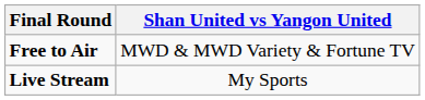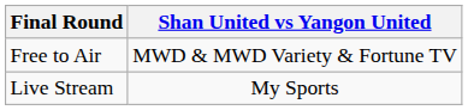 <table class="wikitable">
 <tr>
 <th>Final Round</th>
 <th><a href='#'>Shan United vs Yangon United</a></th>
 </tr>
 <tr>
-<td><strong>Free to Air</strong></td>
+<td>Free to Air</td>
 <td colspan=2 align=center>MWD & MWD Variety & Fortune TV</td>
 </tr>
 <tr>
-<td><strong>Live Stream</strong></td>
+<td>Live Stream</td>
 <td colspan=2 align=center>My Sports </td>
 </tr>
 </table>
